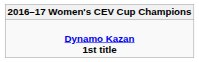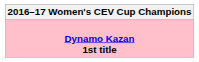 <table class=wikitable style="text-align:center; margin:auto">
 <tr>
 <th>2016–17 Women's CEV Cup Champions</th>
 </tr>
 <tr>
-<td><br> <strong><a href='#'>Dynamo Kazan</a></strong><br> <strong>1st title</strong></td>
+<td style="background: pink;"><br> <strong><a href='#'>Dynamo Kazan</a></strong><br> <strong>1st title</strong></td>
 </tr>
 </table>
